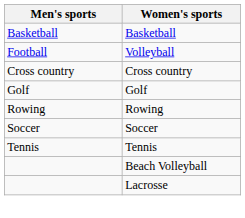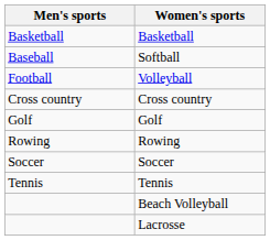 <table class="wikitable">
 <tr>
 <th width=150px>Men's sports</th>
 <th width=150px>Women's sports</th>
 </tr>
 <tr>
 <td><a href='#'>Basketball</a></td>
 <td><a href='#'>Basketball</a></td>
+</tr>
+<tr>
+<td><a href='#'>Baseball</a></td>
+<td>Softball</td>
 </tr>
 <tr>
 <td><a href='#'>Football</a></td>
 <td><a href='#'>Volleyball</a></td>
 </tr>
 <tr>
 <td>Cross country</td>
 <td>Cross country</td>
 </tr>
 <tr>
 <td>Golf</td>
 <td>Golf</td>
 </tr>
 <tr>
 <td>Rowing</td>
 <td>Rowing</td>
 </tr>
 <tr>
 <td>Soccer</td>
 <td>Soccer</td>
 </tr>
 <tr>
 <td>Tennis</td>
 <td>Tennis</td>
 </tr>
 <tr>
 <td></td>
 <td>Beach Volleyball</td>
 </tr>
 <tr>
 <td></td>
 <td>Lacrosse</td>
 </tr>
 </table>
